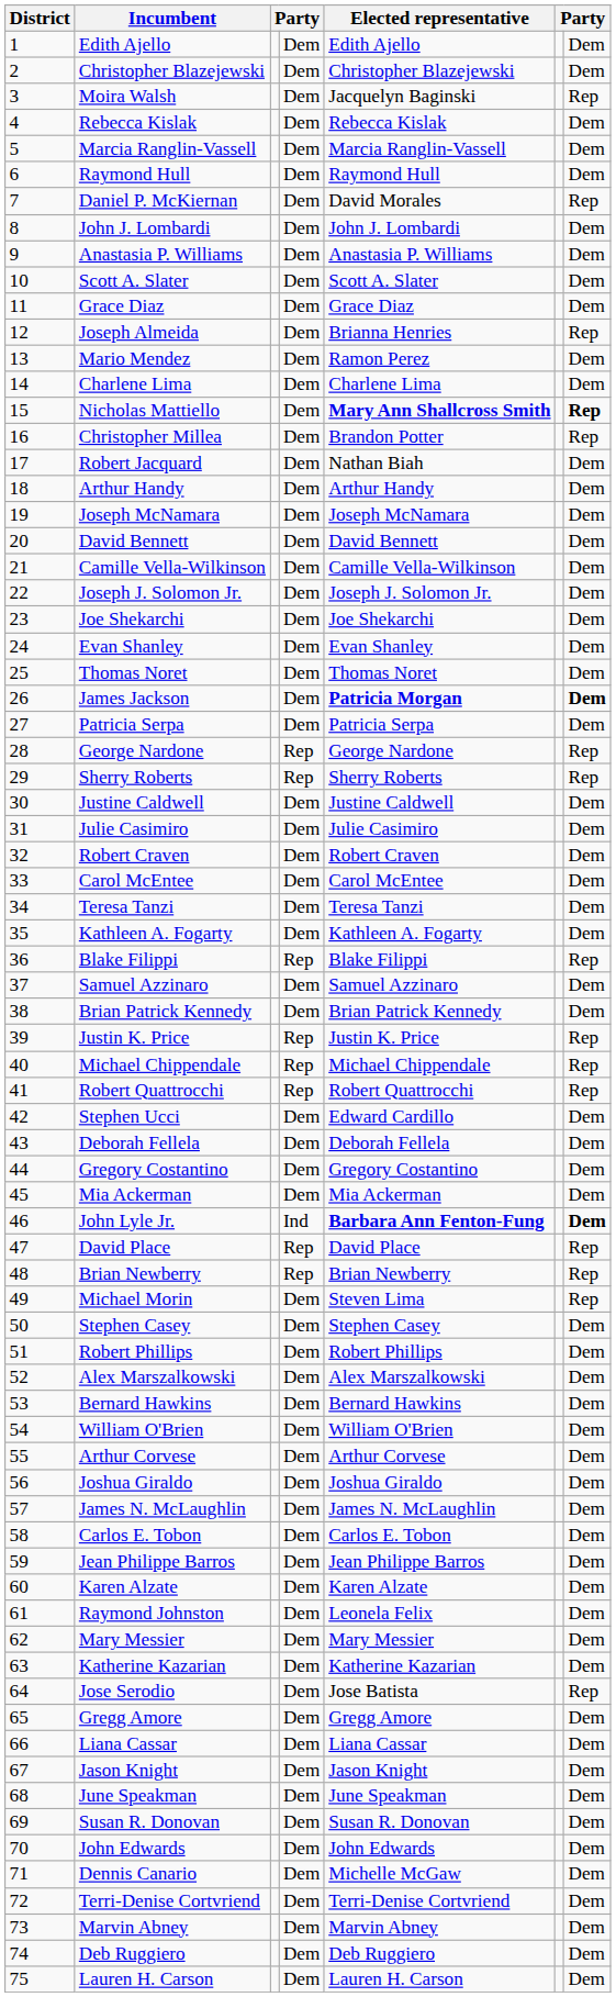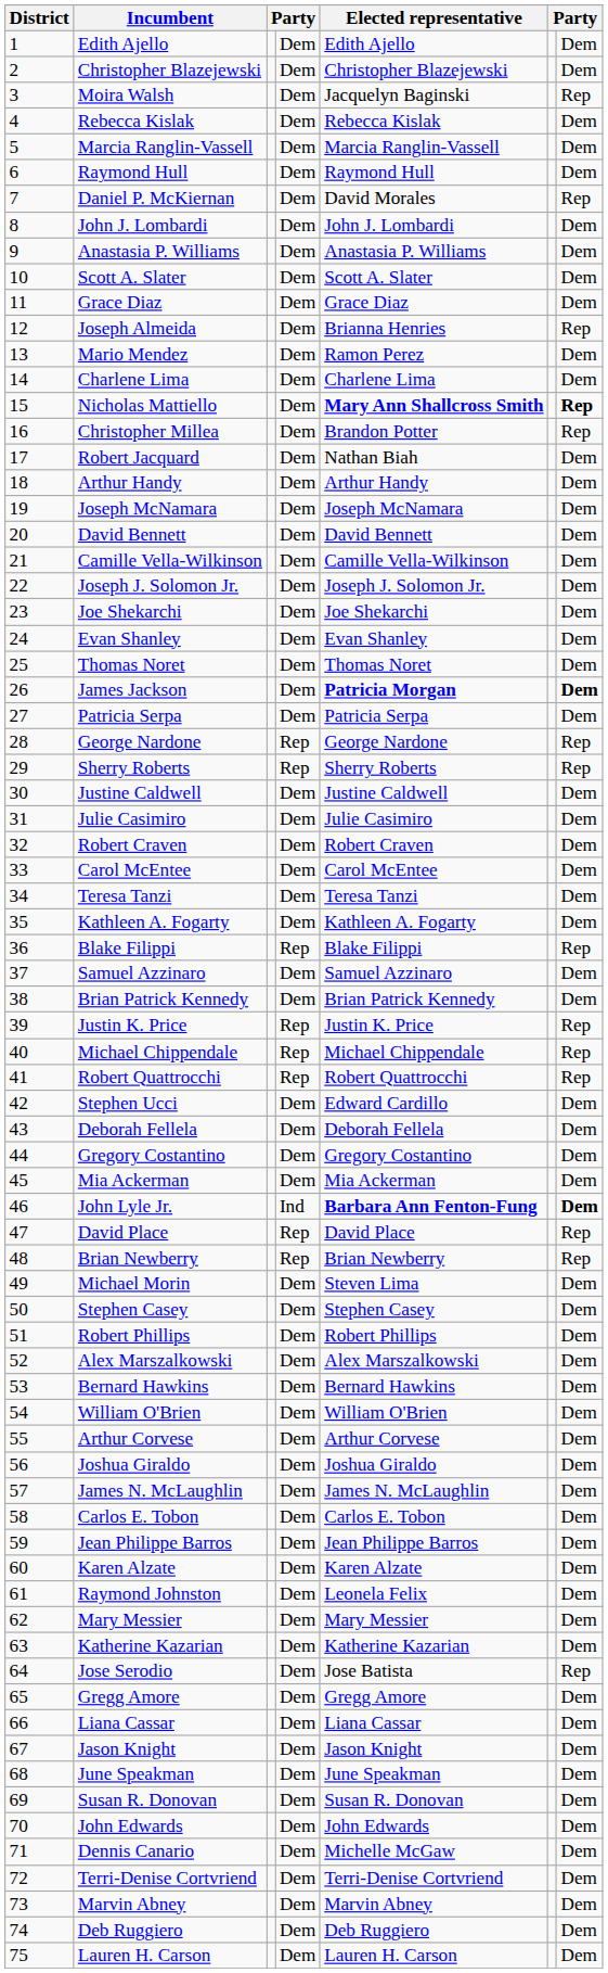 <table class=wikitable style="font-size:95%;line-height:14px;">
 <tr>
 <th>District</th>
 <th><a href='#'>Incumbent</a></th>
 <th colspan=2>Party</th>
 <th class="unsortable">Elected representative</th>
 <th colspan=2>Party</th>
 </tr>
 <tr>
 <td>1</td>
 <td><a href='#'>Edith Ajello</a></td>
 <td style="background:"></td>
 <td>Dem</td>
 <td><a href='#'>Edith Ajello</a></td>
 <td style="background:"></td>
 <td>Dem</td>
 </tr>
 <tr>
 <td>2</td>
 <td><a href='#'>Christopher Blazejewski</a></td>
 <td style="background:"></td>
 <td>Dem</td>
 <td><a href='#'>Christopher Blazejewski</a></td>
 <td style="background:"></td>
 <td>Dem</td>
 </tr>
 <tr>
 <td>3</td>
 <td><a href='#'>Moira Walsh</a></td>
 <td style="background:"></td>
 <td>Dem</td>
 <td>Jacquelyn Baginski</td>
 <td style="background:"></td>
 <td>Rep</td>
 </tr>
 <tr>
 <td>4</td>
 <td><a href='#'>Rebecca Kislak</a></td>
 <td style="background:"></td>
 <td>Dem</td>
 <td><a href='#'>Rebecca Kislak</a></td>
 <td style="background:"></td>
 <td>Dem</td>
 </tr>
 <tr>
 <td>5</td>
 <td><a href='#'>Marcia Ranglin-Vassell</a></td>
 <td style="background:"></td>
 <td>Dem</td>
 <td><a href='#'>Marcia Ranglin-Vassell</a></td>
 <td style="background:"></td>
 <td>Dem</td>
 </tr>
 <tr>
 <td>6</td>
 <td><a href='#'>Raymond Hull</a></td>
 <td style="background:"></td>
 <td>Dem</td>
 <td><a href='#'>Raymond Hull</a></td>
 <td style="background:"></td>
 <td>Dem</td>
 </tr>
 <tr>
 <td>7</td>
 <td><a href='#'>Daniel P. McKiernan</a></td>
 <td style="background:"></td>
 <td>Dem</td>
 <td>David Morales</td>
 <td style="background:"></td>
 <td>Rep</td>
 </tr>
 <tr>
 <td>8</td>
 <td><a href='#'>John J. Lombardi</a></td>
 <td style="background:"></td>
 <td>Dem</td>
 <td><a href='#'>John J. Lombardi</a></td>
 <td style="background:"></td>
 <td>Dem</td>
 </tr>
 <tr>
 <td>9</td>
 <td><a href='#'>Anastasia P. Williams</a></td>
 <td style="background:"></td>
 <td>Dem</td>
 <td><a href='#'>Anastasia P. Williams</a></td>
 <td style="background:"></td>
 <td>Dem</td>
 </tr>
 <tr>
 <td>10</td>
 <td><a href='#'>Scott A. Slater</a></td>
 <td style="background:"></td>
 <td>Dem</td>
 <td><a href='#'>Scott A. Slater</a></td>
 <td style="background:"></td>
 <td>Dem</td>
 </tr>
 <tr>
 <td>11</td>
 <td><a href='#'>Grace Diaz</a></td>
 <td style="background:"></td>
 <td>Dem</td>
 <td><a href='#'>Grace Diaz</a></td>
 <td style="background:"></td>
 <td>Dem</td>
 </tr>
 <tr>
 <td>12</td>
 <td><a href='#'>Joseph Almeida</a></td>
 <td style="background:"></td>
 <td>Dem</td>
 <td><a href='#'>Brianna Henries</a></td>
 <td style="background:"></td>
 <td>Rep</td>
 </tr>
 <tr>
 <td>13</td>
 <td><a href='#'>Mario Mendez</a></td>
 <td style="background:"></td>
 <td>Dem</td>
 <td><a href='#'>Ramon Perez</a></td>
 <td style="background:"></td>
 <td>Dem</td>
 </tr>
 <tr>
 <td>14</td>
 <td><a href='#'>Charlene Lima</a></td>
 <td style="background:"></td>
 <td>Dem</td>
 <td><a href='#'>Charlene Lima</a></td>
 <td style="background:"></td>
 <td>Dem</td>
 </tr>
 <tr>
 <td>15</td>
 <td><a href='#'>Nicholas Mattiello</a></td>
 <td style="background:"></td>
 <td>Dem</td>
 <td><strong><a href='#'>Mary Ann Shallcross Smith</a></strong></td>
 <td style="background:"></td>
 <td><strong>Rep</strong></td>
 </tr>
 <tr>
 <td>16</td>
 <td><a href='#'>Christopher Millea</a></td>
 <td style="background:"></td>
 <td>Dem</td>
 <td><a href='#'>Brandon Potter</a></td>
 <td style="background:"></td>
 <td>Rep</td>
 </tr>
 <tr>
 <td>17</td>
 <td><a href='#'>Robert Jacquard</a></td>
 <td style="background:"></td>
 <td>Dem</td>
 <td>Nathan Biah</td>
 <td style="background:"></td>
 <td>Dem</td>
 </tr>
 <tr>
 <td>18</td>
 <td><a href='#'>Arthur Handy</a></td>
 <td style="background:"></td>
 <td>Dem</td>
 <td><a href='#'>Arthur Handy</a></td>
 <td style="background:"></td>
 <td>Dem</td>
 </tr>
 <tr>
 <td>19</td>
 <td><a href='#'>Joseph McNamara</a></td>
 <td style="background:"></td>
 <td>Dem</td>
 <td><a href='#'>Joseph McNamara</a></td>
 <td style="background:"></td>
 <td>Dem</td>
 </tr>
 <tr>
 <td>20</td>
 <td><a href='#'>David Bennett</a></td>
 <td style="background:"></td>
 <td>Dem</td>
 <td><a href='#'>David Bennett</a></td>
 <td style="background:"></td>
 <td>Dem</td>
 </tr>
 <tr>
 <td>21</td>
 <td><a href='#'>Camille Vella-Wilkinson</a></td>
 <td style="background:"></td>
 <td>Dem</td>
 <td><a href='#'>Camille Vella-Wilkinson</a></td>
 <td style="background:"></td>
 <td>Dem</td>
 </tr>
 <tr>
 <td>22</td>
 <td><a href='#'>Joseph J. Solomon Jr.</a></td>
 <td style="background:"></td>
 <td>Dem</td>
 <td><a href='#'>Joseph J. Solomon Jr.</a></td>
 <td style="background:"></td>
 <td>Dem</td>
 </tr>
 <tr>
 <td>23</td>
 <td><a href='#'>Joe Shekarchi</a></td>
 <td style="background:"></td>
 <td>Dem</td>
 <td><a href='#'>Joe Shekarchi</a></td>
 <td style="background:"></td>
 <td>Dem</td>
 </tr>
 <tr>
 <td>24</td>
 <td><a href='#'>Evan Shanley</a></td>
 <td style="background:"></td>
 <td>Dem</td>
 <td><a href='#'>Evan Shanley</a></td>
 <td style="background:"></td>
 <td>Dem</td>
 </tr>
 <tr>
 <td>25</td>
 <td><a href='#'>Thomas Noret</a></td>
 <td style="background:"></td>
 <td>Dem</td>
 <td><a href='#'>Thomas Noret</a></td>
 <td style="background:"></td>
 <td>Dem</td>
 </tr>
 <tr>
 <td>26</td>
 <td><a href='#'>James Jackson</a></td>
 <td style="background:"></td>
 <td>Dem</td>
 <td><strong><a href='#'>Patricia Morgan</a></strong></td>
 <td style="background:"></td>
 <td><strong>Dem</strong></td>
 </tr>
 <tr>
 <td>27</td>
 <td><a href='#'>Patricia Serpa</a></td>
 <td style="background:"></td>
 <td>Dem</td>
 <td><a href='#'>Patricia Serpa</a></td>
 <td style="background:"></td>
 <td>Dem</td>
 </tr>
 <tr>
 <td>28</td>
 <td><a href='#'>George Nardone</a></td>
 <td style="background:"></td>
 <td>Rep</td>
 <td><a href='#'>George Nardone</a></td>
 <td style="background:"></td>
 <td>Rep</td>
 </tr>
 <tr>
 <td>29</td>
 <td><a href='#'>Sherry Roberts</a></td>
 <td style="background:"></td>
 <td>Rep</td>
 <td><a href='#'>Sherry Roberts</a></td>
 <td style="background:"></td>
 <td>Rep</td>
 </tr>
 <tr>
 <td>30</td>
 <td><a href='#'>Justine Caldwell</a></td>
 <td style="background:"></td>
 <td>Dem</td>
 <td><a href='#'>Justine Caldwell</a></td>
 <td style="background:"></td>
 <td>Dem</td>
 </tr>
 <tr>
 <td>31</td>
 <td><a href='#'>Julie Casimiro</a></td>
 <td style="background:"></td>
 <td>Dem</td>
 <td><a href='#'>Julie Casimiro</a></td>
 <td style="background:"></td>
 <td>Dem</td>
 </tr>
 <tr>
 <td>32</td>
 <td><a href='#'>Robert Craven</a></td>
 <td style="background:"></td>
 <td>Dem</td>
 <td><a href='#'>Robert Craven</a></td>
 <td style="background:"></td>
 <td>Dem</td>
 </tr>
 <tr>
 <td>33</td>
 <td><a href='#'>Carol McEntee</a></td>
 <td style="background:"></td>
 <td>Dem</td>
 <td><a href='#'>Carol McEntee</a></td>
 <td style="background:"></td>
 <td>Dem</td>
 </tr>
 <tr>
 <td>34</td>
 <td><a href='#'>Teresa Tanzi</a></td>
 <td style="background:"></td>
 <td>Dem</td>
 <td><a href='#'>Teresa Tanzi</a></td>
 <td style="background:"></td>
 <td>Dem</td>
 </tr>
 <tr>
 <td>35</td>
 <td><a href='#'>Kathleen A. Fogarty</a></td>
 <td style="background:"></td>
 <td>Dem</td>
 <td><a href='#'>Kathleen A. Fogarty</a></td>
 <td style="background:"></td>
 <td>Dem</td>
 </tr>
 <tr>
 <td>36</td>
 <td><a href='#'>Blake Filippi</a></td>
 <td style="background:"></td>
 <td>Rep</td>
 <td><a href='#'>Blake Filippi</a></td>
 <td style="background:"></td>
 <td>Rep</td>
 </tr>
 <tr>
 <td>37</td>
 <td><a href='#'>Samuel Azzinaro</a></td>
 <td style="background:"></td>
 <td>Dem</td>
 <td><a href='#'>Samuel Azzinaro</a></td>
 <td style="background:"></td>
 <td>Dem</td>
 </tr>
 <tr>
 <td>38</td>
 <td><a href='#'>Brian Patrick Kennedy</a></td>
 <td style="background:"></td>
 <td>Dem</td>
 <td><a href='#'>Brian Patrick Kennedy</a></td>
 <td style="background:"></td>
 <td>Dem</td>
 </tr>
 <tr>
 <td>39</td>
 <td><a href='#'>Justin K. Price</a></td>
 <td style="background:"></td>
 <td>Rep</td>
 <td><a href='#'>Justin K. Price</a></td>
 <td style="background:"></td>
 <td>Rep</td>
 </tr>
 <tr>
 <td>40</td>
 <td><a href='#'>Michael Chippendale</a></td>
 <td style="background:"></td>
 <td>Rep</td>
 <td><a href='#'>Michael Chippendale</a></td>
 <td style="background:"></td>
 <td>Rep</td>
 </tr>
 <tr>
 <td>41</td>
 <td><a href='#'>Robert Quattrocchi</a></td>
 <td style="background:"></td>
 <td>Rep</td>
 <td><a href='#'>Robert Quattrocchi</a></td>
 <td style="background:"></td>
 <td>Rep</td>
 </tr>
 <tr>
 <td>42</td>
 <td><a href='#'>Stephen Ucci</a></td>
 <td style="background:"></td>
 <td>Dem</td>
 <td><a href='#'>Edward Cardillo</a></td>
 <td style="background:"></td>
 <td>Dem</td>
 </tr>
 <tr>
 <td>43</td>
 <td><a href='#'>Deborah Fellela</a></td>
 <td style="background:"></td>
 <td>Dem</td>
 <td><a href='#'>Deborah Fellela</a></td>
 <td style="background:"></td>
 <td>Dem</td>
 </tr>
 <tr>
 <td>44</td>
 <td><a href='#'>Gregory Costantino</a></td>
 <td style="background:"></td>
 <td>Dem</td>
 <td><a href='#'>Gregory Costantino</a></td>
 <td style="background:"></td>
 <td>Dem</td>
 </tr>
 <tr>
 <td>45</td>
 <td><a href='#'>Mia Ackerman</a></td>
 <td style="background:"></td>
 <td>Dem</td>
 <td><a href='#'>Mia Ackerman</a></td>
 <td style="background:"></td>
 <td>Dem</td>
 </tr>
 <tr>
 <td>46</td>
 <td><a href='#'>John Lyle Jr.</a></td>
 <td style="background:"></td>
 <td>Ind</td>
 <td><strong><a href='#'>Barbara Ann Fenton-Fung</a></strong></td>
 <td style="background:"></td>
 <td><strong>Dem</strong></td>
 </tr>
 <tr>
 <td>47</td>
 <td><a href='#'>David Place</a></td>
 <td style="background:"></td>
 <td>Rep</td>
 <td><a href='#'>David Place</a></td>
 <td style="background:"></td>
 <td>Rep</td>
 </tr>
 <tr>
 <td>48</td>
 <td><a href='#'>Brian Newberry</a></td>
 <td style="background:"></td>
 <td>Rep</td>
 <td><a href='#'>Brian Newberry</a></td>
 <td style="background:"></td>
 <td>Rep</td>
 </tr>
 <tr>
 <td>49</td>
 <td><a href='#'>Michael Morin</a></td>
 <td style="background:"></td>
 <td>Dem</td>
 <td><a href='#'>Steven Lima</a></td>
 <td style="background:"></td>
-<td>Rep</td>
+<td>Dem</td>
 </tr>
 <tr>
 <td>50</td>
 <td><a href='#'>Stephen Casey</a></td>
 <td style="background:"></td>
 <td>Dem</td>
 <td><a href='#'>Stephen Casey</a></td>
 <td style="background:"></td>
 <td>Dem</td>
 </tr>
 <tr>
 <td>51</td>
 <td><a href='#'>Robert Phillips</a></td>
 <td style="background:"></td>
 <td>Dem</td>
 <td><a href='#'>Robert Phillips</a></td>
 <td style="background:"></td>
 <td>Dem</td>
 </tr>
 <tr>
 <td>52</td>
 <td><a href='#'>Alex Marszalkowski</a></td>
 <td style="background:"></td>
 <td>Dem</td>
 <td><a href='#'>Alex Marszalkowski</a></td>
 <td style="background:"></td>
 <td>Dem</td>
 </tr>
 <tr>
 <td>53</td>
 <td><a href='#'>Bernard Hawkins</a></td>
 <td style="background:"></td>
 <td>Dem</td>
 <td><a href='#'>Bernard Hawkins</a></td>
 <td style="background:"></td>
 <td>Dem</td>
 </tr>
 <tr>
 <td>54</td>
 <td><a href='#'>William O'Brien</a></td>
 <td style="background:"></td>
 <td>Dem</td>
 <td><a href='#'>William O'Brien</a></td>
 <td style="background:"></td>
 <td>Dem</td>
 </tr>
 <tr>
 <td>55</td>
 <td><a href='#'>Arthur Corvese</a></td>
 <td style="background:"></td>
 <td>Dem</td>
 <td><a href='#'>Arthur Corvese</a></td>
 <td style="background:"></td>
 <td>Dem</td>
 </tr>
 <tr>
 <td>56</td>
 <td><a href='#'>Joshua Giraldo</a></td>
 <td style="background:"></td>
 <td>Dem</td>
 <td><a href='#'>Joshua Giraldo</a></td>
 <td style="background:"></td>
 <td>Dem</td>
 </tr>
 <tr>
 <td>57</td>
 <td><a href='#'>James N. McLaughlin</a></td>
 <td style="background:"></td>
 <td>Dem</td>
 <td><a href='#'>James N. McLaughlin</a></td>
 <td style="background:"></td>
 <td>Dem</td>
 </tr>
 <tr>
 <td>58</td>
 <td><a href='#'>Carlos E. Tobon</a></td>
 <td style="background:"></td>
 <td>Dem</td>
 <td><a href='#'>Carlos E. Tobon</a></td>
 <td style="background:"></td>
 <td>Dem</td>
 </tr>
 <tr>
 <td>59</td>
 <td><a href='#'>Jean Philippe Barros</a></td>
 <td style="background:"></td>
 <td>Dem</td>
 <td><a href='#'>Jean Philippe Barros</a></td>
 <td style="background:"></td>
 <td>Dem</td>
 </tr>
 <tr>
 <td>60</td>
 <td><a href='#'>Karen Alzate</a></td>
 <td style="background:"></td>
 <td>Dem</td>
 <td><a href='#'>Karen Alzate</a></td>
 <td style="background:"></td>
 <td>Dem</td>
 </tr>
 <tr>
 <td>61</td>
 <td><a href='#'>Raymond Johnston</a></td>
 <td style="background:"></td>
 <td>Dem</td>
 <td><a href='#'>Leonela Felix</a></td>
 <td style="background:"></td>
 <td>Dem</td>
 </tr>
 <tr>
 <td>62</td>
 <td><a href='#'>Mary Messier</a></td>
 <td style="background:"></td>
 <td>Dem</td>
 <td><a href='#'>Mary Messier</a></td>
 <td style="background:"></td>
 <td>Dem</td>
 </tr>
 <tr>
 <td>63</td>
 <td><a href='#'>Katherine Kazarian</a></td>
 <td style="background:"></td>
 <td>Dem</td>
 <td><a href='#'>Katherine Kazarian</a></td>
 <td style="background:"></td>
 <td>Dem</td>
 </tr>
 <tr>
 <td>64</td>
 <td><a href='#'>Jose Serodio</a></td>
 <td style="background:"></td>
 <td>Dem</td>
 <td>Jose Batista</td>
 <td style="background:"></td>
 <td>Rep</td>
 </tr>
 <tr>
 <td>65</td>
 <td><a href='#'>Gregg Amore</a></td>
 <td style="background:"></td>
 <td>Dem</td>
 <td><a href='#'>Gregg Amore</a></td>
 <td style="background:"></td>
 <td>Dem</td>
 </tr>
 <tr>
 <td>66</td>
 <td><a href='#'>Liana Cassar</a></td>
 <td style="background:"></td>
 <td>Dem</td>
 <td><a href='#'>Liana Cassar</a></td>
 <td style="background:"></td>
 <td>Dem</td>
 </tr>
 <tr>
 <td>67</td>
 <td><a href='#'>Jason Knight</a></td>
 <td style="background:"></td>
 <td>Dem</td>
 <td><a href='#'>Jason Knight</a></td>
 <td style="background:"></td>
 <td>Dem</td>
 </tr>
 <tr>
 <td>68</td>
 <td><a href='#'>June Speakman</a></td>
 <td style="background:"></td>
 <td>Dem</td>
 <td><a href='#'>June Speakman</a></td>
 <td style="background:"></td>
 <td>Dem</td>
 </tr>
 <tr>
 <td>69</td>
 <td><a href='#'>Susan R. Donovan</a></td>
 <td style="background:"></td>
 <td>Dem</td>
 <td><a href='#'>Susan R. Donovan</a></td>
 <td style="background:"></td>
 <td>Dem</td>
 </tr>
 <tr>
 <td>70</td>
 <td><a href='#'>John Edwards</a></td>
 <td style="background:"></td>
 <td>Dem</td>
 <td><a href='#'>John Edwards</a></td>
 <td style="background:"></td>
 <td>Dem</td>
 </tr>
 <tr>
 <td>71</td>
 <td><a href='#'>Dennis Canario</a></td>
 <td style="background:"></td>
 <td>Dem</td>
 <td><a href='#'>Michelle McGaw</a></td>
 <td style="background:"></td>
 <td>Dem</td>
 </tr>
 <tr>
 <td>72</td>
 <td><a href='#'>Terri-Denise Cortvriend</a></td>
 <td style="background:"></td>
 <td>Dem</td>
 <td><a href='#'>Terri-Denise Cortvriend</a></td>
 <td style="background:"></td>
 <td>Dem</td>
 </tr>
 <tr>
 <td>73</td>
 <td><a href='#'>Marvin Abney</a></td>
 <td style="background:"></td>
 <td>Dem</td>
 <td><a href='#'>Marvin Abney</a></td>
 <td style="background:"></td>
 <td>Dem</td>
 </tr>
 <tr>
 <td>74</td>
 <td><a href='#'>Deb Ruggiero</a></td>
 <td style="background:"></td>
 <td>Dem</td>
 <td><a href='#'>Deb Ruggiero</a></td>
 <td style="background:"></td>
 <td>Dem</td>
 </tr>
 <tr>
 <td>75</td>
 <td><a href='#'>Lauren H. Carson</a></td>
 <td style="background:"></td>
 <td>Dem</td>
 <td><a href='#'>Lauren H. Carson</a></td>
 <td style="background:"></td>
 <td>Dem</td>
 </tr>
 </table>
